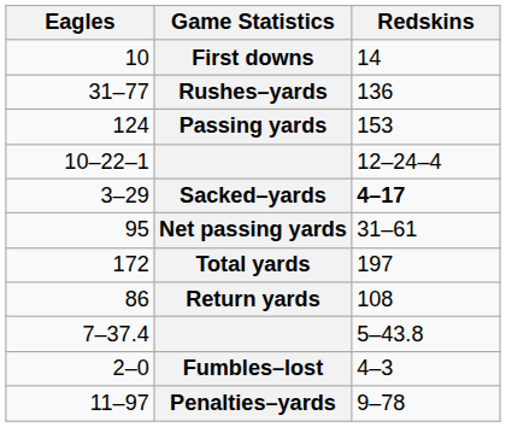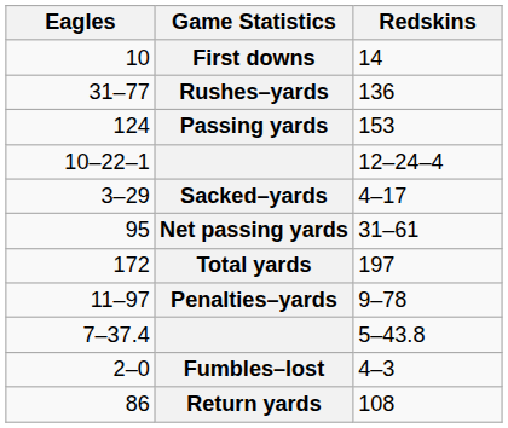 <table class="wikitable" style="margin: 1em auto 1em auto">
 <tr>
 <th style="width:30%;">Eagles</th>
 <th style="width:40%;">Game Statistics</th>
 <th style="width:30%;">Redskins</th>
 </tr>
 <tr>
 <td style="text-align:right;">10</td>
 <th>First downs</th>
 <td>14</td>
 </tr>
 <tr>
 <td style="text-align:right;">31–77</td>
 <th>Rushes–yards</th>
 <td>136</td>
 </tr>
 <tr>
 <td style="text-align:right;">124</td>
 <th>Passing yards</th>
 <td>153</td>
 </tr>
 <tr>
 <td style="text-align:right;">10–22–1</td>
 <th></th>
 <td>12–24–4</td>
 </tr>
 <tr>
 <td style="text-align:right;">3–29</td>
 <th>Sacked–yards</th>
-<td><strong>4–17</strong></td>
+<td>4–17</td>
 </tr>
 <tr>
 <td style="text-align:right;">95</td>
 <th>Net passing yards</th>
 <td>31–61</td>
 </tr>
 <tr>
 <td style="text-align:right;">172</td>
 <th>Total yards</th>
 <td>197</td>
 </tr>
 <tr>
-<td style="text-align:right;">86</td>
-<th>Return yards</th>
-<td>108</td>
+<td style="text-align:right;">11–97</td>
+<th>Penalties–yards</th>
+<td>9–78</td>
 </tr>
 <tr>
 <td style="text-align:right;">7–37.4</td>
 <th></th>
 <td>5–43.8</td>
 </tr>
 <tr>
 <td style="text-align:right;">2–0</td>
 <th>Fumbles–lost</th>
 <td>4–3</td>
 </tr>
 <tr>
-<td style="text-align:right;">11–97</td>
-<th>Penalties–yards</th>
-<td>9–78</td>
+<td style="text-align:right;">86</td>
+<th>Return yards</th>
+<td>108</td>
 </tr>
 </table>
